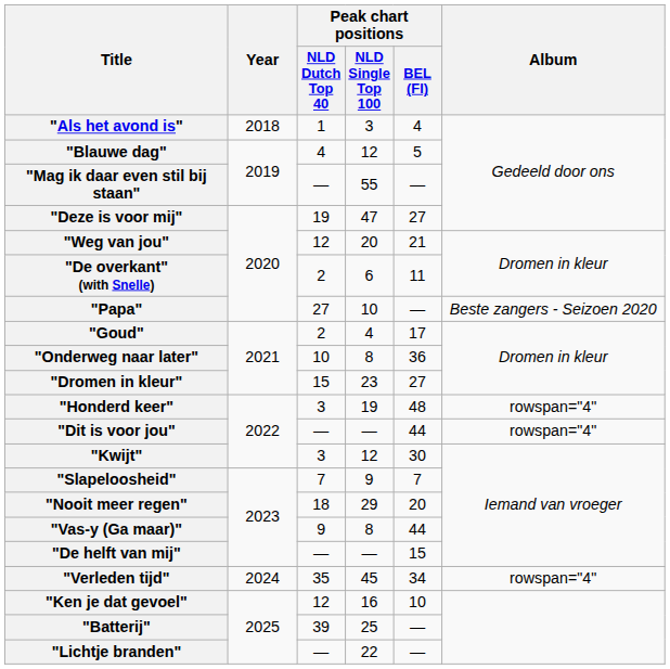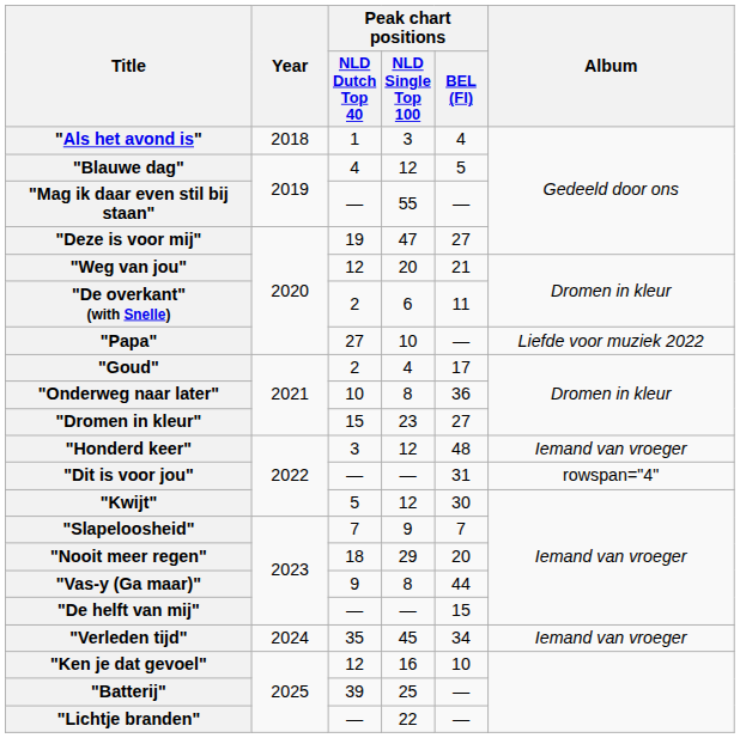 <table class="wikitable plainrowheaders" style="text-align:center;">
 <tr>
 <th scope="col" rowspan="2" style="width:14em;">Title</th>
 <th scope="col" rowspan="2" style="width:4em;">Year</th>
 <th scope="col" colspan="3">Peak chart positions</th>
 <th scope="col" rowspan="2" style="width:14em;">Album</th>
 </tr>
 <tr>
 <th scope="col" style="width:3em;font-size:90%;"><a href='#'>NLD<br>Dutch<br>Top 40</a><br></th>
 <th scope="col" style="width:3em;font-size:90%;"><a href='#'>NLD<br>Single<br>Top 100</a><br></th>
 <th scope="col" style="width:3em;font-size:90%;"><a href='#'>BEL<br>(Fl)</a><br></th>
 </tr>
 <tr>
 <th scope="row">"<a href='#'>Als het avond is</a>"</th>
 <td>2018</td>
 <td>1</td>
 <td>3</td>
 <td>4</td>
 <td rowspan=4><em>Gedeeld door ons</em></td>
 </tr>
 <tr>
 <th scope="row">"Blauwe dag"</th>
 <td rowspan=2>2019</td>
 <td>4</td>
 <td>12</td>
 <td>5</td>
 </tr>
 <tr>
 <th scope="row">"Mag ik daar even stil bij staan"</th>
 <td>—</td>
 <td>55</td>
 <td>—</td>
 </tr>
 <tr>
 <th scope="row">"Deze is voor mij"</th>
 <td rowspan=4>2020</td>
 <td>19</td>
 <td>47</td>
 <td>27</td>
 </tr>
 <tr>
 <th scope="row">"Weg van jou"</th>
 <td>12</td>
 <td>20</td>
 <td>21</td>
 <td rowspan="2"><em>Dromen in kleur</em></td>
 </tr>
 <tr>
 <th scope="row">"De overkant"<br><small>(with <a href='#'>Snelle</a>)</small></th>
 <td>2</td>
 <td>6</td>
 <td>11</td>
 </tr>
 <tr>
 <th scope="row">"Papa"</th>
 <td>27</td>
 <td>10</td>
 <td>—</td>
-<td><em>Beste zangers - Seizoen 2020</em></td>
+<td><em>Liefde voor muziek 2022</em></td>
 </tr>
 <tr>
 <th scope="row">"Goud"</th>
 <td rowspan="3">2021</td>
 <td>2</td>
 <td>4</td>
 <td>17</td>
 <td rowspan="3"><em>Dromen in kleur</em></td>
 </tr>
 <tr>
 <th scope="row">"Onderweg naar later"</th>
 <td>10</td>
 <td>8</td>
 <td>36</td>
 </tr>
 <tr>
 <th scope="row">"Dromen in kleur"</th>
 <td>15</td>
 <td>23</td>
 <td>27</td>
 </tr>
 <tr>
 <th scope="row">"Honderd keer"</th>
 <td rowspan="3">2022</td>
 <td>3</td>
-<td>19</td>
+<td>12</td>
 <td>48</td>
-<td>rowspan="4" </td>
+<td><em>Iemand van vroeger</em></td>
 </tr>
 <tr>
 <th scope="row">"Dit is voor jou"</th>
 <td>—</td>
 <td>—</td>
-<td>44</td>
+<td>31</td>
 <td>rowspan="4" </td>
 </tr>
 <tr>
 <th scope="row">"Kwijt"</th>
-<td>3</td>
+<td>5</td>
 <td>12</td>
 <td>30</td>
 <td rowspan="5"><em>Iemand van vroeger</em></td>
 </tr>
 <tr>
 <th scope="row">"Slapeloosheid"</th>
 <td rowspan="4">2023</td>
 <td>7</td>
 <td>9</td>
 <td>7</td>
 </tr>
 <tr>
 <th scope="row">"Nooit meer regen"</th>
 <td>18</td>
 <td>29</td>
 <td>20</td>
 </tr>
 <tr>
 <th scope="row">"Vas-y (Ga maar)"<br></th>
 <td>9</td>
 <td>8</td>
 <td>44</td>
 </tr>
 <tr>
 <th scope="row">"De helft van mij"</th>
 <td>—</td>
 <td>—</td>
 <td>15</td>
 </tr>
 <tr>
 <th scope="row">"Verleden tijd"</th>
 <td>2024</td>
 <td>35</td>
 <td>45</td>
 <td>34</td>
-<td>rowspan="4" </td>
+<td><em>Iemand van vroeger</em></td>
 </tr>
 <tr>
 <th scope="row">"Ken je dat gevoel"</th>
 <td rowspan="3">2025</td>
 <td>12</td>
 <td>16</td>
 <td>10</td>
 </tr>
 <tr>
 <th scope="row">"Batterij"</th>
 <td>39</td>
 <td>25</td>
 <td>—</td>
 </tr>
 <tr>
 <th scope="row">"Lichtje branden"</th>
 <td>—</td>
 <td>22</td>
 <td>—</td>
 </tr>
 </table>
